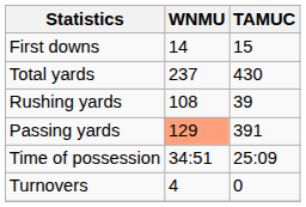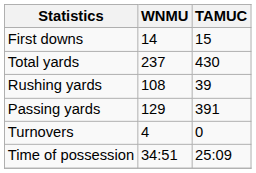 <table class="wikitable">
 <tr>
 <th>Statistics</th>
 <th>WNMU</th>
 <th>TAMUC</th>
 </tr>
 <tr>
 <td>First downs</td>
 <td>14</td>
 <td>15</td>
 </tr>
 <tr>
 <td>Total yards</td>
 <td>237</td>
 <td>430</td>
 </tr>
 <tr>
 <td>Rushing yards</td>
 <td>108</td>
 <td>39</td>
 </tr>
 <tr>
 <td>Passing yards</td>
-<td style="background: lightsalmon;">129</td>
+<td>129</td>
 <td>391</td>
+</tr>
+<tr>
+<td>Turnovers</td>
+<td>4</td>
+<td>0</td>
 </tr>
 <tr>
 <td>Time of possession</td>
 <td>34:51</td>
 <td>25:09</td>
 </tr>
 <tr>
-<td>Turnovers</td>
-<td>4</td>
-<td>0</td>
-</tr>
-<tr>
 </tr>
 </table>
